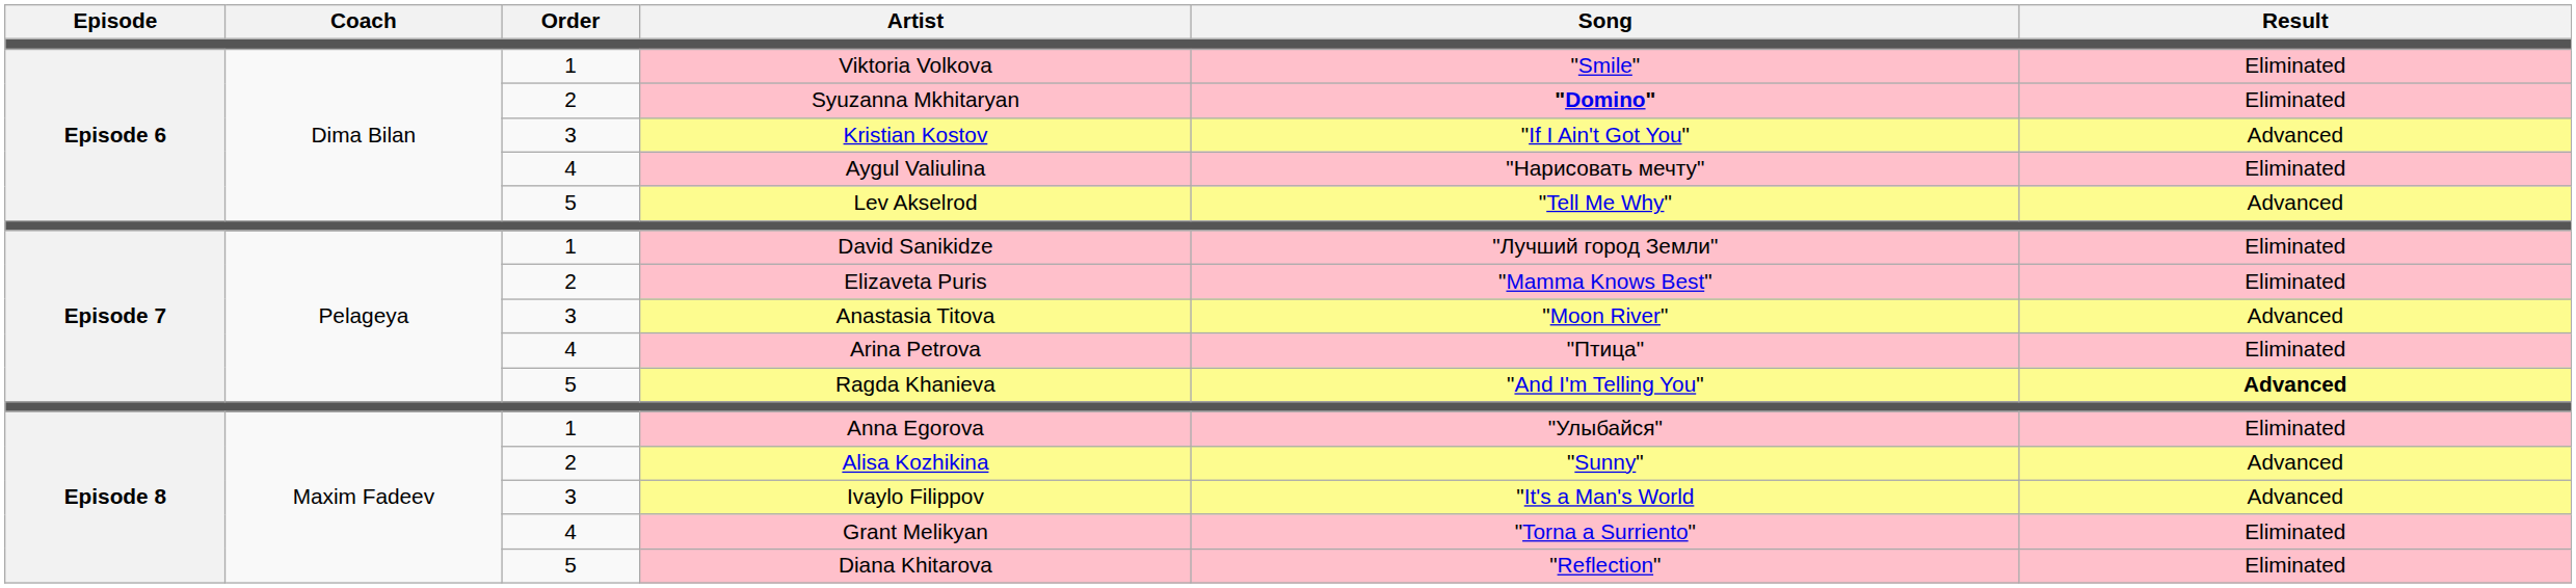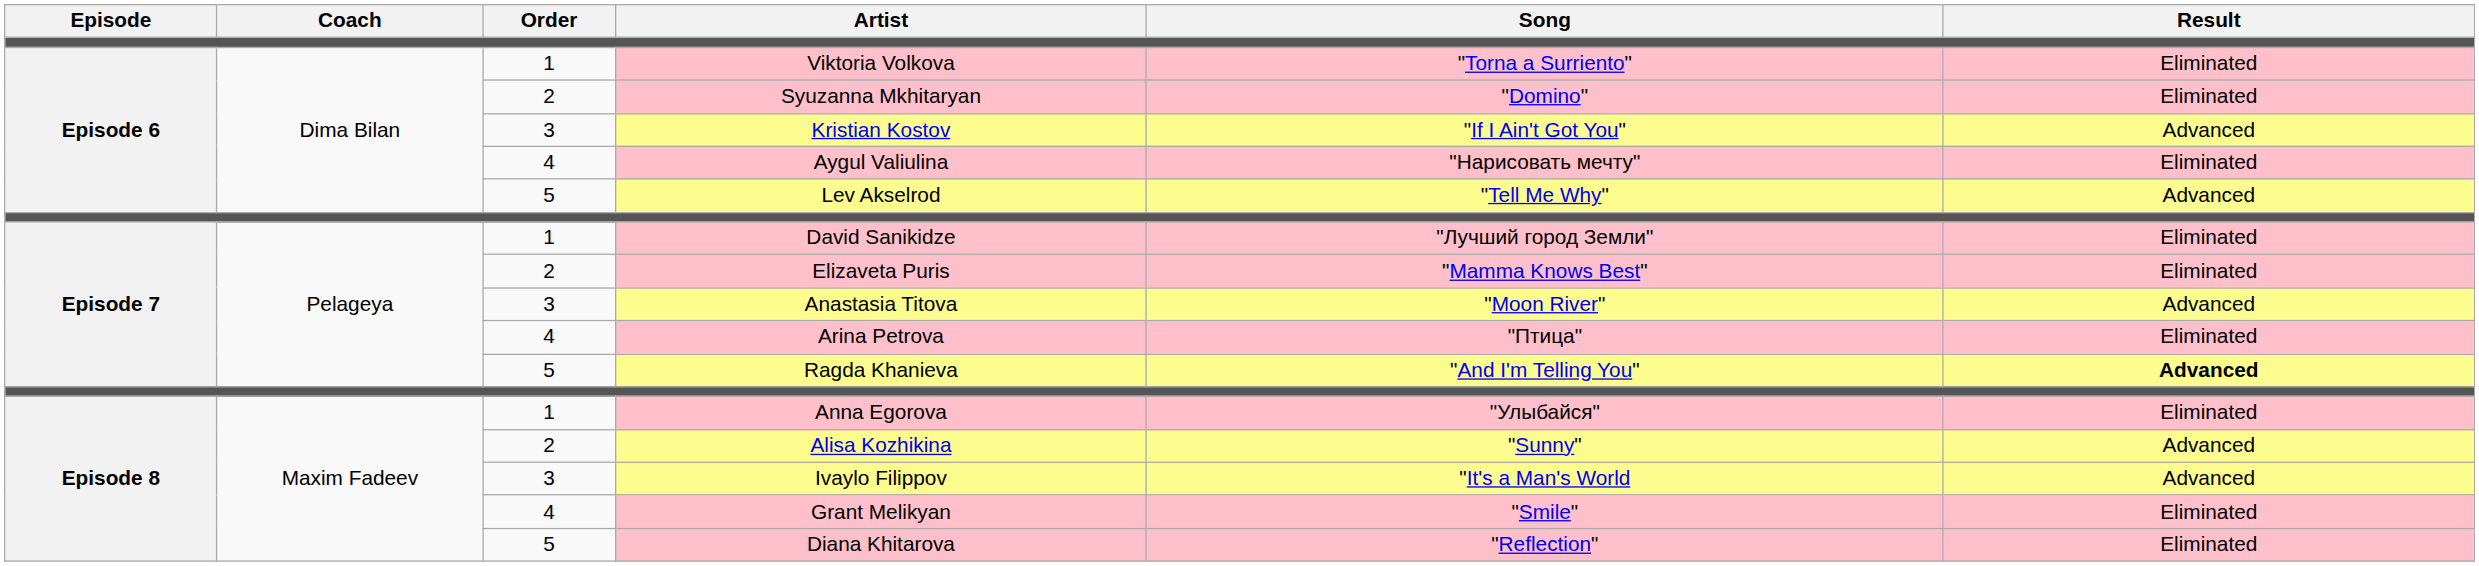 <table class="wikitable" style="text-align: center; width:120%;">
 <tr>
 <th style="width:08%;">Episode</th>
 <th style="width:10%;">Coach</th>
 <th style="width:05%;">Order</th>
 <th style="width:20%;">Artist</th>
 <th style="width:30%;">Song</th>
 <th style="width:20%;">Result</th>
 </tr>
 <tr>
 <td colspan=6 style="background:#555;"></td>
 </tr>
 <tr>
 <th rowspan=5>Episode 6 <br> </th>
 <td rowspan=5>Dima Bilan</td>
 <td>1</td>
 <td style="background:pink;">Viktoria Volkova</td>
-<td style="background:pink;">"<a href='#'>Smile</a>"</td>
+<td style="background:pink;">"<a href='#'>Torna a Surriento</a>"</td>
 <td style="background:pink;">Eliminated</td>
 </tr>
 <tr>
 <td>2</td>
 <td style="background:pink;">Syuzanna Mkhitaryan</td>
-<td style="background:pink;"><strong>"<a href='#'>Domino</a>"</strong></td>
+<td style="background:pink;">"<a href='#'>Domino</a>"</td>
 <td style="background:pink;">Eliminated</td>
 </tr>
 <tr>
 <td>3</td>
 <td style="background:#fdfc8f;"><a href='#'>Kristian Kostov</a></td>
 <td style="background:#fdfc8f;">"<a href='#'>If I Ain't Got You</a>"</td>
 <td style="background:#fdfc8f;">Advanced</td>
 </tr>
 <tr>
 <td>4</td>
 <td style="background:pink;">Aygul Valiulina</td>
 <td style="background:pink;">"Нарисовать мечту"</td>
 <td style="background:pink;">Eliminated</td>
 </tr>
 <tr>
 <td>5</td>
 <td style="background:#fdfc8f;">Lev Akselrod</td>
 <td style="background:#fdfc8f;">"<a href='#'>Tell Me Why</a>"</td>
 <td style="background:#fdfc8f;">Advanced</td>
 </tr>
 <tr>
 <td colspan="6" style="background:#555;"></td>
 </tr>
 <tr>
 <th rowspan=5>Episode 7 <br> </th>
 <td rowspan=5>Pelageya</td>
 <td>1</td>
 <td style="background:pink;">David Sanikidze</td>
 <td style="background:pink;">"Лучший город Земли"</td>
 <td style="background:pink;">Eliminated</td>
 </tr>
 <tr>
 <td>2</td>
 <td style="background:pink;">Elizaveta Puris</td>
 <td style="background:pink;">"<a href='#'>Mamma Knows Best</a>"</td>
 <td style="background:pink;">Eliminated</td>
 </tr>
 <tr>
 <td>3</td>
 <td style="background:#fdfc8f;">Anastasia Titova</td>
 <td style="background:#fdfc8f;">"<a href='#'>Moon River</a>"</td>
 <td style="background:#fdfc8f;">Advanced</td>
 </tr>
 <tr>
 <td>4</td>
 <td style="background:pink;">Arina Petrova</td>
 <td style="background:pink;">"Птица"</td>
 <td style="background:pink;">Eliminated</td>
 </tr>
 <tr>
 <td>5</td>
 <td style="background:#fdfc8f;">Ragda Khanieva</td>
 <td style="background:#fdfc8f;">"<a href='#'>And I'm Telling You</a>"</td>
 <td style="background:#fdfc8f;"><strong>Advanced</strong></td>
 </tr>
 <tr>
 <td colspan="6" style="background:#555;"></td>
 </tr>
 <tr>
 <th rowspan=5>Episode 8 <br> </th>
 <td rowspan=5>Maxim Fadeev</td>
 <td>1</td>
 <td style="background:pink;">Anna Egorova</td>
 <td style="background:pink;">"Улыбайся"</td>
 <td style="background:pink;">Eliminated</td>
 </tr>
 <tr>
 <td>2</td>
 <td style="background:#fdfc8f;"><a href='#'>Alisa Kozhikina</a></td>
 <td style="background:#fdfc8f;">"<a href='#'>Sunny</a>"</td>
 <td style="background:#fdfc8f;">Advanced</td>
 </tr>
 <tr>
 <td>3</td>
 <td style="background:#fdfc8f;">Ivaylo Filippov</td>
 <td style="background:#fdfc8f;">"<a href='#'>It's a Man's World</a></td>
 <td style="background:#fdfc8f;">Advanced</td>
 </tr>
 <tr>
 <td>4</td>
 <td style="background:pink;">Grant Melikyan</td>
-<td style="background:pink;">"<a href='#'>Torna a Surriento</a>"</td>
+<td style="background:pink;">"<a href='#'>Smile</a>"</td>
 <td style="background:pink;">Eliminated</td>
 </tr>
 <tr>
 <td>5</td>
 <td style="background:pink;">Diana Khitarova</td>
 <td style="background:pink;">"<a href='#'>Reflection</a>"</td>
 <td style="background:pink;">Eliminated</td>
 </tr>
 </table>
